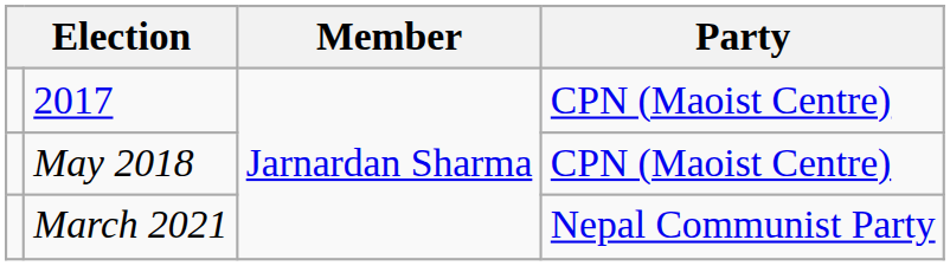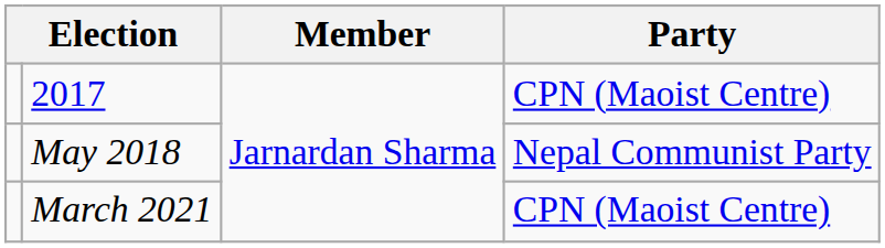 <table class="wikitable">
 <tr>
 <th colspan="2">Election</th>
 <th>Member</th>
 <th>Party</th>
 </tr>
 <tr>
 <td style="color:inherit;background:"></td>
 <td><a href='#'>2017</a></td>
 <td rowspan="3"><a href='#'>Jarnardan Sharma</a></td>
 <td><a href='#'>CPN (Maoist Centre)</a></td>
 </tr>
 <tr>
 <td style="color:inherit;background:"></td>
 <td><em>May 2018</em></td>
-<td><a href='#'>CPN (Maoist Centre)</a></td>
+<td><a href='#'>Nepal Communist Party</a></td>
 </tr>
 <tr>
 <td style="color:inherit;background:"></td>
 <td><em>March 2021</em></td>
-<td><a href='#'>Nepal Communist Party</a></td>
+<td><a href='#'>CPN (Maoist Centre)</a></td>
 </tr>
 </table>
